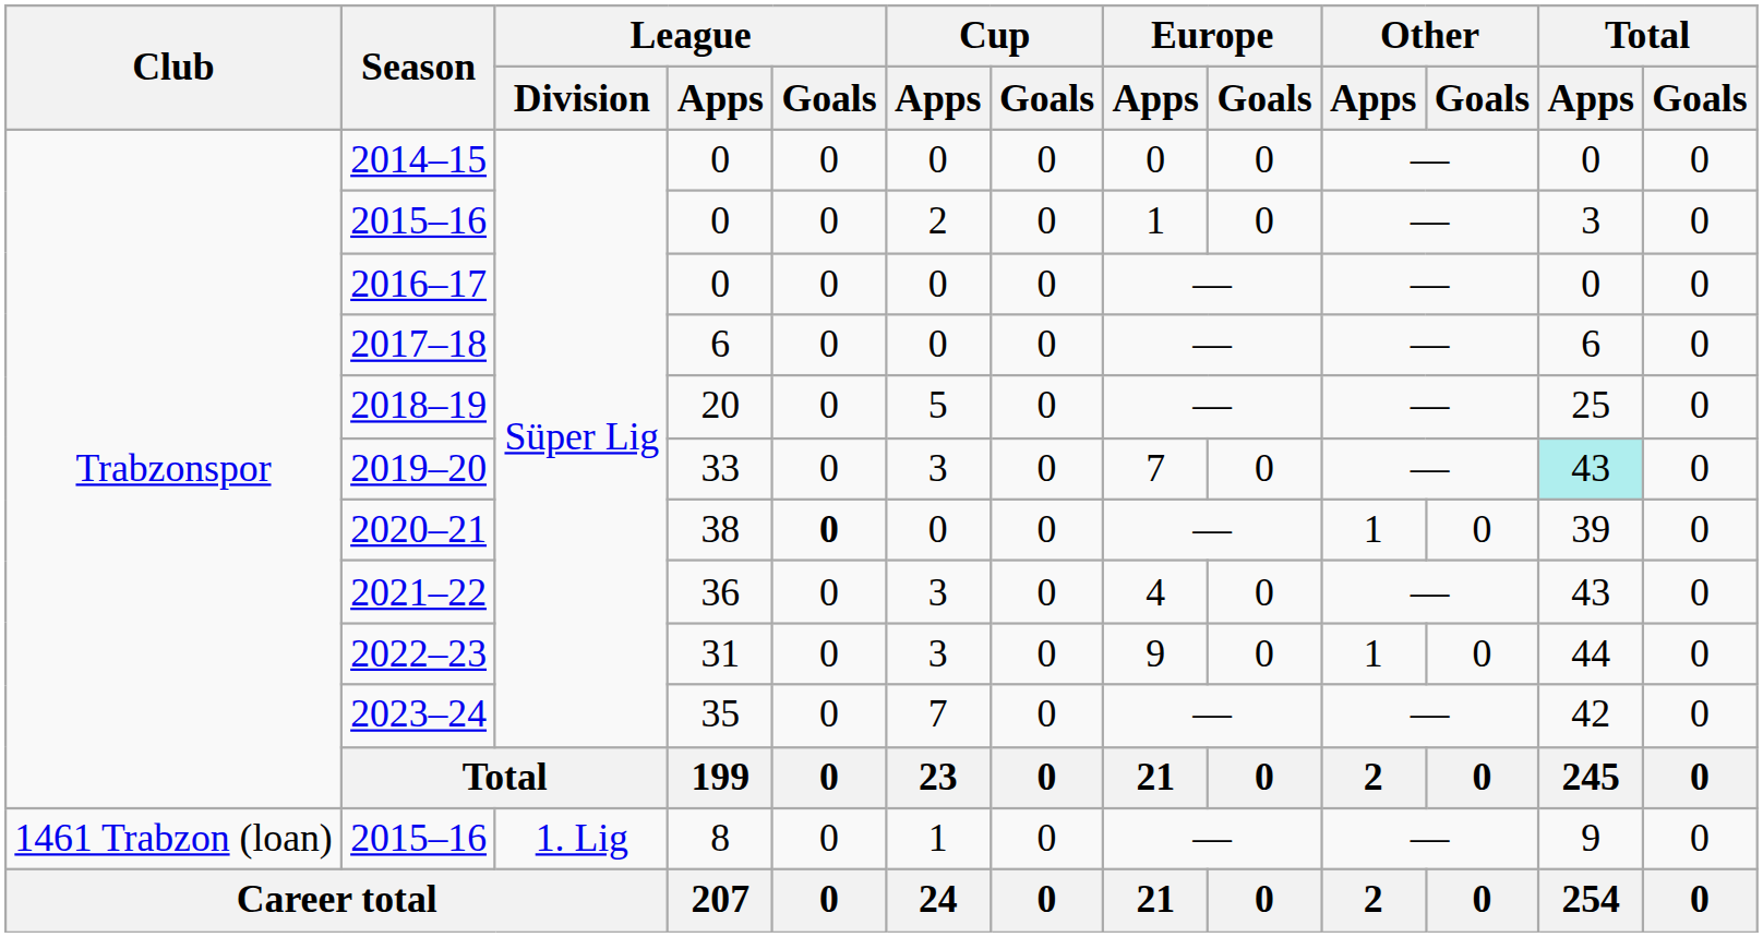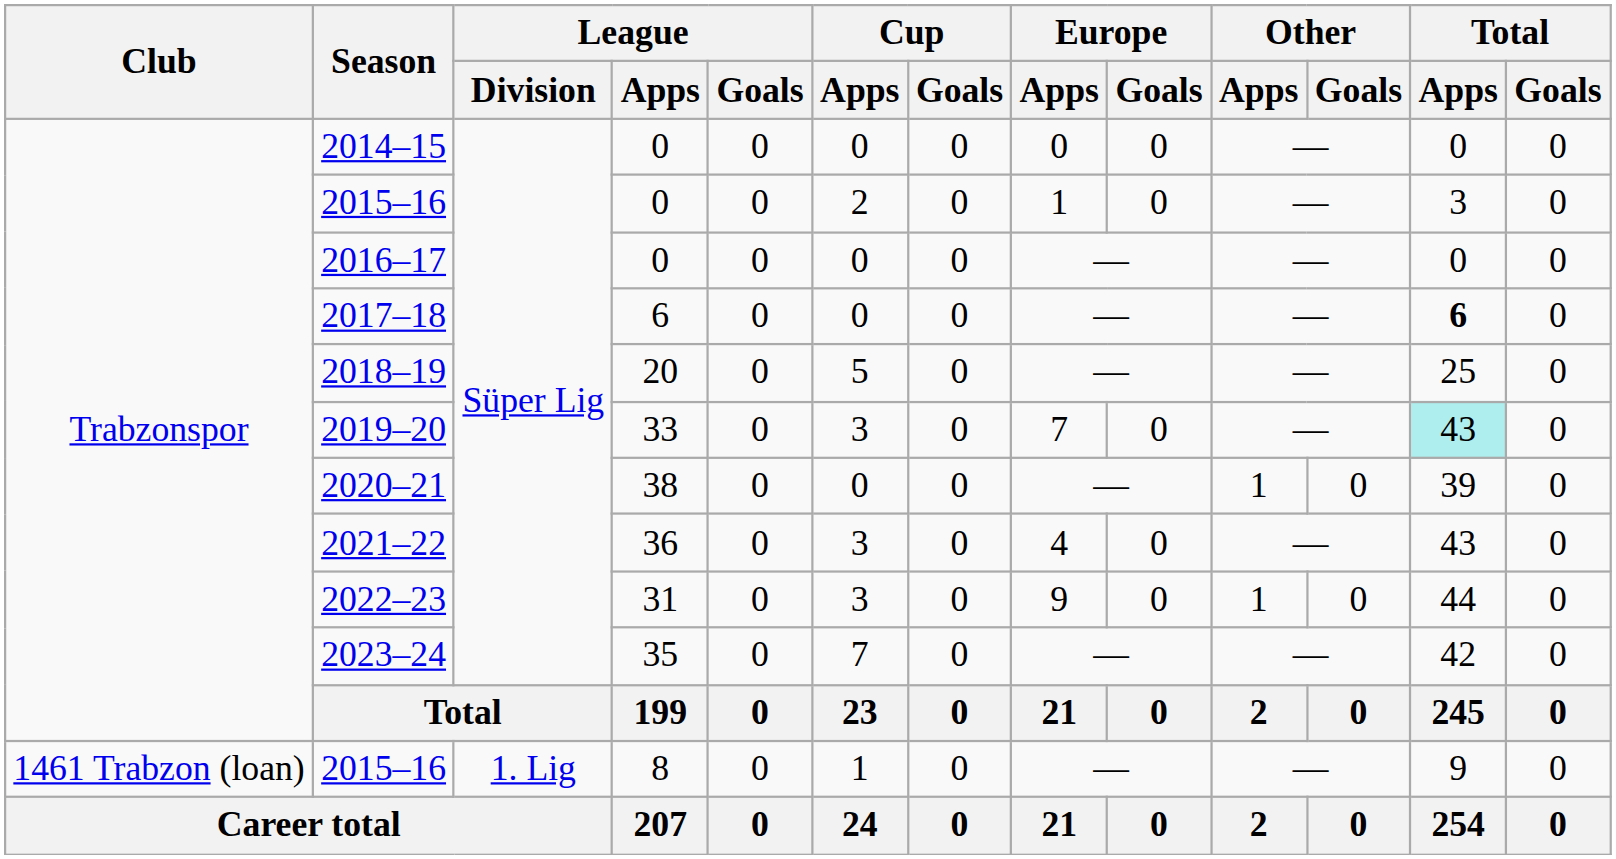 <table class="wikitable" style="text-align: center">
 <tr>
 <th rowspan="2">Club</th>
 <th rowspan="2">Season</th>
 <th colspan="3">League</th>
 <th colspan="2">Cup</th>
 <th colspan="2">Europe</th>
 <th colspan="2">Other</th>
 <th colspan="2">Total</th>
 </tr>
 <tr>
 <th>Division</th>
 <th>Apps</th>
 <th>Goals</th>
 <th>Apps</th>
 <th>Goals</th>
 <th>Apps</th>
 <th>Goals</th>
 <th>Apps</th>
 <th>Goals</th>
 <th>Apps</th>
 <th>Goals</th>
 </tr>
 <tr>
 <td rowspan="11"><a href='#'>Trabzonspor</a></td>
 <td><a href='#'>2014–15</a></td>
 <td rowspan="10"><a href='#'>Süper Lig</a></td>
 <td>0</td>
 <td>0</td>
 <td>0</td>
 <td>0</td>
 <td>0</td>
 <td>0</td>
 <td colspan="2">—</td>
 <td>0</td>
 <td>0</td>
 </tr>
 <tr>
 <td><a href='#'>2015–16</a></td>
 <td>0</td>
 <td>0</td>
 <td>2</td>
 <td>0</td>
 <td>1</td>
 <td>0</td>
 <td colspan="2">—</td>
 <td>3</td>
 <td>0</td>
 </tr>
 <tr>
 <td><a href='#'>2016–17</a></td>
 <td>0</td>
 <td>0</td>
 <td>0</td>
 <td>0</td>
 <td colspan="2">—</td>
 <td colspan="2">—</td>
 <td>0</td>
 <td>0</td>
 </tr>
 <tr>
 <td><a href='#'>2017–18</a></td>
 <td>6</td>
 <td>0</td>
 <td>0</td>
 <td>0</td>
 <td colspan="2">—</td>
 <td colspan="2">—</td>
-<td>6</td>
+<td><strong>6</strong></td>
 <td>0</td>
 </tr>
 <tr>
 <td><a href='#'>2018–19</a></td>
 <td>20</td>
 <td>0</td>
 <td>5</td>
 <td>0</td>
 <td colspan="2">—</td>
 <td colspan="2">—</td>
 <td>25</td>
 <td>0</td>
 </tr>
 <tr>
 <td><a href='#'>2019–20</a></td>
 <td>33</td>
 <td>0</td>
 <td>3</td>
 <td>0</td>
 <td>7</td>
 <td>0</td>
 <td colspan="2">—</td>
 <td style="background: paleturquoise;">43</td>
 <td>0</td>
 </tr>
 <tr>
 <td><a href='#'>2020–21</a></td>
 <td>38</td>
-<td><strong>0</strong></td>
+<td>0</td>
 <td>0</td>
 <td>0</td>
 <td colspan="2">—</td>
 <td>1</td>
 <td>0</td>
 <td>39</td>
 <td>0</td>
 </tr>
 <tr>
 <td><a href='#'>2021–22</a></td>
 <td>36</td>
 <td>0</td>
 <td>3</td>
 <td>0</td>
 <td>4</td>
 <td>0</td>
 <td colspan="2">—</td>
 <td>43</td>
 <td>0</td>
 </tr>
 <tr>
 <td><a href='#'>2022–23</a></td>
 <td>31</td>
 <td>0</td>
 <td>3</td>
 <td>0</td>
 <td>9</td>
 <td>0</td>
 <td>1</td>
 <td>0</td>
 <td>44</td>
 <td>0</td>
 </tr>
 <tr>
 <td><a href='#'>2023–24</a></td>
 <td>35</td>
 <td>0</td>
 <td>7</td>
 <td>0</td>
 <td colspan="2">—</td>
 <td colspan="2">—</td>
 <td>42</td>
 <td>0</td>
 </tr>
 <tr>
 <th colspan="2">Total</th>
 <th>199</th>
 <th>0</th>
 <th>23</th>
 <th>0</th>
 <th>21</th>
 <th>0</th>
 <th>2</th>
 <th>0</th>
 <th>245</th>
 <th>0</th>
 </tr>
 <tr>
 <td><a href='#'>1461 Trabzon</a> (loan)</td>
 <td><a href='#'>2015–16</a></td>
 <td><a href='#'>1. Lig</a></td>
 <td>8</td>
 <td>0</td>
 <td>1</td>
 <td>0</td>
 <td colspan="2">—</td>
 <td colspan="2">—</td>
 <td>9</td>
 <td>0</td>
 </tr>
 <tr>
 <th colspan="3">Career total</th>
 <th>207</th>
 <th>0</th>
 <th>24</th>
 <th>0</th>
 <th>21</th>
 <th>0</th>
 <th>2</th>
 <th>0</th>
 <th>254</th>
 <th>0</th>
 </tr>
 </table>
